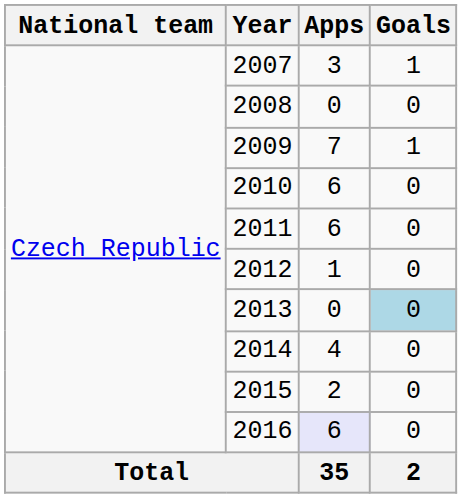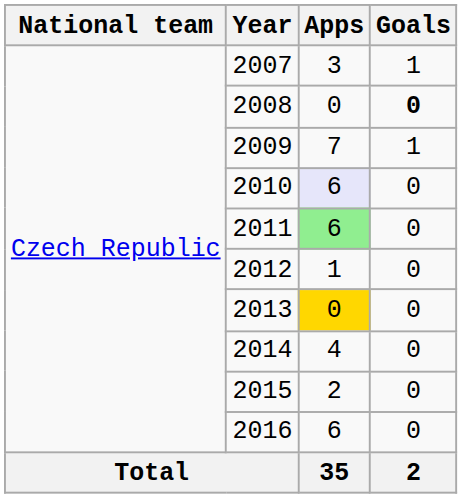 <table class=wikitable style="text-align: center">
 <tr>
 <th>National team</th>
 <th>Year</th>
 <th>Apps</th>
 <th>Goals</th>
 </tr>
 <tr>
 <td rowspan="10"><a href='#'>Czech Republic</a></td>
 <td>2007</td>
 <td>3</td>
 <td>1</td>
 </tr>
 <tr>
 <td>2008</td>
 <td>0</td>
-<td>0</td>
+<td><strong>0</strong></td>
 </tr>
 <tr>
 <td>2009</td>
 <td>7</td>
 <td>1</td>
 </tr>
 <tr>
 <td>2010</td>
-<td>6</td>
+<td style="background: lavender;">6</td>
 <td>0</td>
 </tr>
 <tr>
 <td>2011</td>
-<td>6</td>
+<td style="background: lightgreen;">6</td>
 <td>0</td>
 </tr>
 <tr>
 <td>2012</td>
 <td>1</td>
 <td>0</td>
 </tr>
 <tr>
 <td>2013</td>
+<td style="background: gold;">0</td>
 <td>0</td>
-<td style="background: lightblue;">0</td>
 </tr>
 <tr>
 <td>2014</td>
 <td>4</td>
 <td>0</td>
 </tr>
 <tr>
 <td>2015</td>
 <td>2</td>
 <td>0</td>
 </tr>
 <tr>
 <td>2016</td>
-<td style="background: lavender;">6</td>
+<td>6</td>
 <td>0</td>
 </tr>
 <tr>
 <th colspan="2">Total</th>
 <th>35</th>
 <th>2</th>
 </tr>
 </table>
